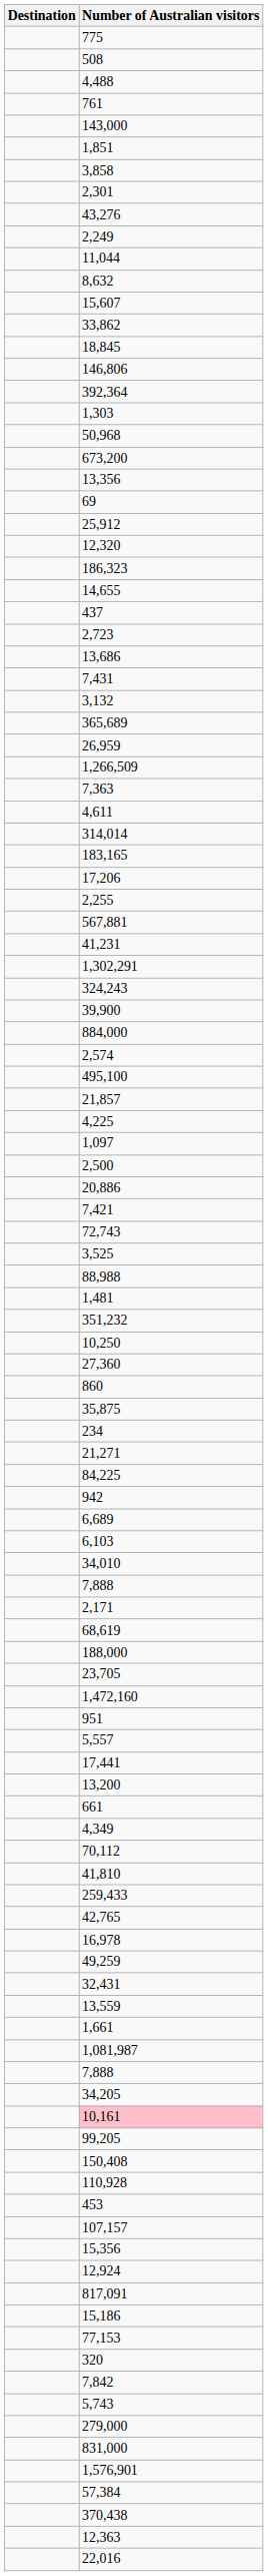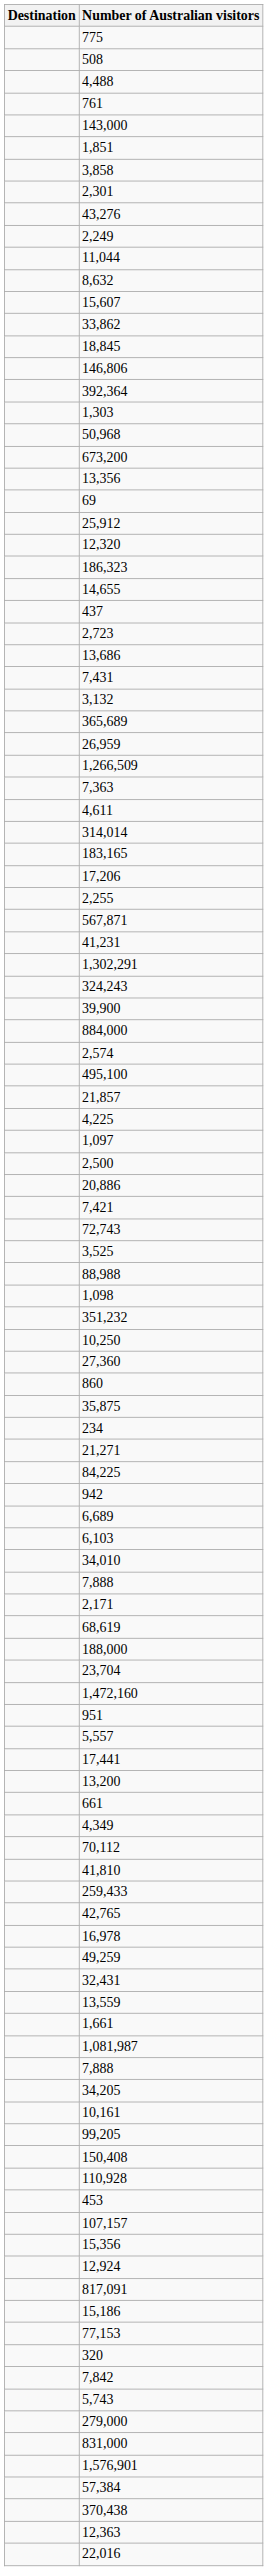 <table class="wikitable sortable collapsible collapsed">
 <tr>
 <th>Destination</th>
 <th>Number of Australian visitors</th>
 </tr>
 <tr>
 <td></td>
 <td>775</td>
 </tr>
 <tr>
 <td></td>
 <td>508</td>
 </tr>
 <tr>
 <td></td>
 <td>4,488</td>
 </tr>
 <tr>
 <td></td>
 <td>761</td>
 </tr>
 <tr>
 <td></td>
 <td>143,000</td>
 </tr>
 <tr>
 <td></td>
 <td>1,851</td>
 </tr>
 <tr>
 <td></td>
 <td>3,858</td>
 </tr>
 <tr>
 <td></td>
 <td>2,301</td>
 </tr>
 <tr>
 <td></td>
 <td>43,276</td>
 </tr>
 <tr>
 <td></td>
 <td>2,249</td>
 </tr>
 <tr>
 <td></td>
 <td>11,044</td>
 </tr>
 <tr>
 <td></td>
 <td>8,632</td>
 </tr>
 <tr>
 <td></td>
 <td>15,607</td>
 </tr>
 <tr>
 <td></td>
 <td>33,862</td>
 </tr>
 <tr>
 <td></td>
 <td>18,845</td>
 </tr>
 <tr>
 <td></td>
 <td>146,806</td>
 </tr>
 <tr>
 <td></td>
 <td>392,364</td>
 </tr>
 <tr>
 <td></td>
 <td>1,303</td>
 </tr>
 <tr>
 <td></td>
 <td>50,968</td>
 </tr>
 <tr>
 <td></td>
 <td>673,200</td>
 </tr>
 <tr>
 <td></td>
 <td>13,356</td>
 </tr>
 <tr>
 <td></td>
 <td>69</td>
 </tr>
 <tr>
 <td></td>
 <td>25,912</td>
 </tr>
 <tr>
 <td></td>
 <td>12,320</td>
 </tr>
 <tr>
 <td></td>
 <td>186,323</td>
 </tr>
 <tr>
 <td></td>
 <td>14,655</td>
 </tr>
 <tr>
 <td></td>
 <td>437</td>
 </tr>
 <tr>
 <td></td>
 <td>2,723</td>
 </tr>
 <tr>
 <td></td>
 <td>13,686</td>
 </tr>
 <tr>
 <td></td>
 <td>7,431</td>
 </tr>
 <tr>
 <td></td>
 <td>3,132</td>
 </tr>
 <tr>
 <td></td>
 <td>365,689</td>
 </tr>
 <tr>
 <td></td>
 <td>26,959</td>
 </tr>
 <tr>
 <td></td>
 <td>1,266,509</td>
 </tr>
 <tr>
 <td></td>
 <td>7,363</td>
 </tr>
 <tr>
 <td></td>
 <td>4,611</td>
 </tr>
 <tr>
 <td></td>
 <td>314,014</td>
 </tr>
 <tr>
 <td></td>
 <td>183,165</td>
 </tr>
 <tr>
 <td></td>
 <td>17,206</td>
 </tr>
 <tr>
 <td></td>
 <td>2,255</td>
 </tr>
 <tr>
 <td></td>
-<td>567,881</td>
+<td>567,871</td>
 </tr>
 <tr>
 <td></td>
 <td>41,231</td>
 </tr>
 <tr>
 <td></td>
 <td>1,302,291</td>
 </tr>
 <tr>
 <td></td>
 <td>324,243</td>
 </tr>
 <tr>
 <td></td>
 <td>39,900</td>
 </tr>
 <tr>
 <td></td>
 <td>884,000</td>
 </tr>
 <tr>
 <td></td>
 <td>2,574</td>
 </tr>
 <tr>
 <td></td>
 <td>495,100</td>
 </tr>
 <tr>
 <td></td>
 <td>21,857</td>
 </tr>
 <tr>
 <td></td>
 <td>4,225</td>
 </tr>
 <tr>
 <td></td>
 <td>1,097</td>
 </tr>
 <tr>
 <td></td>
 <td>2,500</td>
 </tr>
 <tr>
 <td></td>
 <td>20,886</td>
 </tr>
 <tr>
 <td></td>
 <td>7,421</td>
 </tr>
 <tr>
 <td></td>
 <td>72,743</td>
 </tr>
 <tr>
 <td></td>
 <td>3,525</td>
 </tr>
 <tr>
 <td></td>
 <td>88,988</td>
 </tr>
 <tr>
 <td></td>
-<td>1,481</td>
+<td>1,098</td>
 </tr>
 <tr>
 <td></td>
 <td>351,232</td>
 </tr>
 <tr>
 <td></td>
 <td>10,250</td>
 </tr>
 <tr>
 <td></td>
 <td>27,360</td>
 </tr>
 <tr>
 <td></td>
 <td>860</td>
 </tr>
 <tr>
 <td></td>
 <td>35,875</td>
 </tr>
 <tr>
 <td></td>
 <td>234</td>
 </tr>
 <tr>
 <td></td>
 <td>21,271</td>
 </tr>
 <tr>
 <td></td>
 <td>84,225</td>
 </tr>
 <tr>
 <td></td>
 <td>942</td>
 </tr>
 <tr>
 <td></td>
 <td>6,689</td>
 </tr>
 <tr>
 <td></td>
 <td>6,103</td>
 </tr>
 <tr>
 <td></td>
 <td>34,010</td>
 </tr>
 <tr>
 <td></td>
 <td>7,888</td>
 </tr>
 <tr>
 <td></td>
 <td>2,171</td>
 </tr>
 <tr>
 <td></td>
 <td>68,619</td>
 </tr>
 <tr>
 <td></td>
 <td>188,000</td>
 </tr>
 <tr>
 <td></td>
-<td>23,705</td>
+<td>23,704</td>
 </tr>
 <tr>
 <td></td>
 <td>1,472,160</td>
 </tr>
 <tr>
 <td></td>
 <td>951</td>
 </tr>
 <tr>
 <td></td>
 <td>5,557</td>
 </tr>
 <tr>
 <td></td>
 <td>17,441</td>
 </tr>
 <tr>
 <td></td>
 <td>13,200</td>
 </tr>
 <tr>
 <td></td>
 <td>661</td>
 </tr>
 <tr>
 <td></td>
 <td>4,349</td>
 </tr>
 <tr>
 <td></td>
 <td>70,112</td>
 </tr>
 <tr>
 <td></td>
 <td>41,810</td>
 </tr>
 <tr>
 <td></td>
 <td>259,433</td>
 </tr>
 <tr>
 <td></td>
 <td>42,765</td>
 </tr>
 <tr>
 <td></td>
 <td>16,978</td>
 </tr>
 <tr>
 <td></td>
 <td>49,259</td>
 </tr>
 <tr>
 <td></td>
 <td>32,431</td>
 </tr>
 <tr>
 <td></td>
 <td>13,559</td>
 </tr>
 <tr>
 <td></td>
 <td>1,661</td>
 </tr>
 <tr>
 <td></td>
 <td>1,081,987</td>
 </tr>
 <tr>
 <td></td>
 <td>7,888</td>
 </tr>
 <tr>
 <td></td>
 <td>34,205</td>
 </tr>
 <tr>
 <td></td>
-<td style="background: pink;">10,161</td>
+<td>10,161</td>
 </tr>
 <tr>
 <td></td>
 <td>99,205</td>
 </tr>
 <tr>
 <td></td>
 <td>150,408</td>
 </tr>
 <tr>
 <td></td>
 <td>110,928</td>
 </tr>
 <tr>
 <td></td>
 <td>453</td>
 </tr>
 <tr>
 <td></td>
 <td>107,157</td>
 </tr>
 <tr>
 <td></td>
 <td>15,356</td>
 </tr>
 <tr>
 <td></td>
 <td>12,924</td>
 </tr>
 <tr>
 <td></td>
 <td>817,091</td>
 </tr>
 <tr>
 <td></td>
 <td>15,186</td>
 </tr>
 <tr>
 <td></td>
 <td>77,153</td>
 </tr>
 <tr>
 <td></td>
 <td>320</td>
 </tr>
 <tr>
 <td></td>
 <td>7,842</td>
 </tr>
 <tr>
 <td></td>
 <td>5,743</td>
 </tr>
 <tr>
 <td></td>
 <td>279,000</td>
 </tr>
 <tr>
 <td></td>
 <td>831,000</td>
 </tr>
 <tr>
 <td></td>
 <td>1,576,901</td>
 </tr>
 <tr>
 <td></td>
 <td>57,384</td>
 </tr>
 <tr>
 <td></td>
 <td>370,438</td>
 </tr>
 <tr>
 <td></td>
 <td>12,363</td>
 </tr>
 <tr>
 <td></td>
 <td>22,016</td>
 </tr>
 </table>
